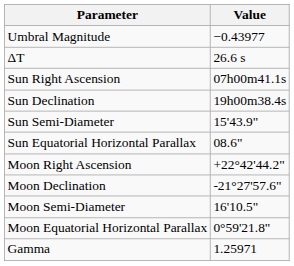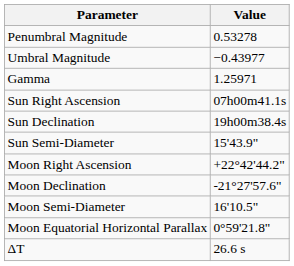 <table class="wikitable">
 <tr>
 <th>Parameter</th>
 <th>Value</th>
 </tr>
 <tr>
+<td>Penumbral Magnitude</td>
+<td>0.53278</td>
+</tr>
+<tr>
 <td>Umbral Magnitude</td>
 <td>−0.43977</td>
 </tr>
 <tr>
-<td>ΔT</td>
-<td>26.6 s</td>
+<td>Gamma</td>
+<td>1.25971</td>
 </tr>
 <tr>
 <td>Sun Right Ascension</td>
 <td>07h00m41.1s</td>
 </tr>
 <tr>
 <td>Sun Declination</td>
 <td>19h00m38.4s</td>
 </tr>
 <tr>
 <td>Sun Semi-Diameter</td>
 <td>15'43.9"</td>
-</tr>
-<tr>
-<td>Sun Equatorial Horizontal Parallax</td>
-<td>08.6"</td>
 </tr>
 <tr>
 <td>Moon Right Ascension</td>
 <td>+22°42'44.2"</td>
 </tr>
 <tr>
 <td>Moon Declination</td>
 <td>-21°27'57.6"</td>
 </tr>
 <tr>
 <td>Moon Semi-Diameter</td>
 <td>16'10.5"</td>
 </tr>
 <tr>
 <td>Moon Equatorial Horizontal Parallax</td>
 <td>0°59'21.8"</td>
 </tr>
 <tr>
-<td>Gamma</td>
-<td>1.25971</td>
+<td>ΔT</td>
+<td>26.6 s</td>
 </tr>
 </table>
